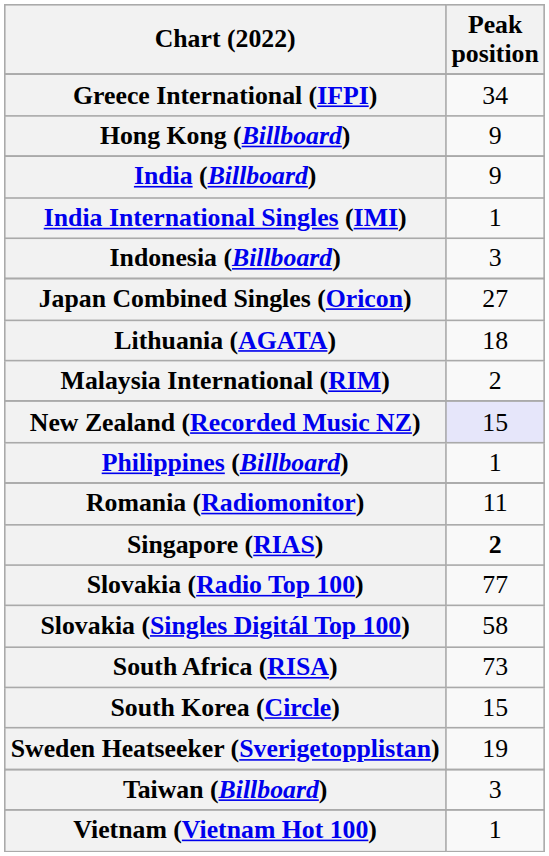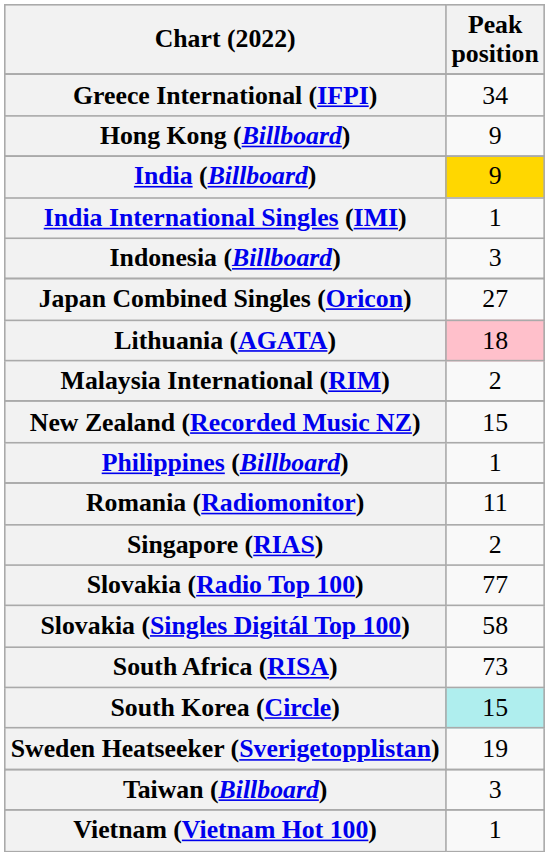 <table class="wikitable sortable plainrowheaders" style="text-align:center">
 <tr>
 <th scope="col">Chart (2022)</th>
 <th scope="col">Peak<br>position</th>
 </tr>
 <tr>
 </tr>
 <tr>
 </tr>
 <tr>
 </tr>
 <tr>
 </tr>
 <tr>
 </tr>
 <tr>
 </tr>
 <tr>
 </tr>
 <tr>
 </tr>
 <tr>
 </tr>
 <tr>
 </tr>
 <tr>
 </tr>
 <tr>
 </tr>
 <tr>
 <th scope="row">Greece International (<a href='#'>IFPI</a>)</th>
 <td>34</td>
 </tr>
 <tr>
 <th scope="row">Hong Kong (<em><a href='#'>Billboard</a></em>)</th>
 <td>9</td>
 </tr>
 <tr>
 </tr>
 <tr>
 <th scope="row"><a href='#'>India</a> (<em><a href='#'>Billboard</a></em>)</th>
-<td>9</td>
+<td style="background: gold;">9</td>
 </tr>
 <tr>
 <th scope="row"><a href='#'>India International Singles</a> (<a href='#'>IMI</a>)</th>
 <td>1</td>
 </tr>
 <tr>
 <th scope="row">Indonesia (<em><a href='#'>Billboard</a></em>)</th>
 <td>3</td>
 </tr>
 <tr>
 </tr>
 <tr>
 </tr>
 <tr>
 <th scope="row">Japan Combined Singles (<a href='#'>Oricon</a>)</th>
 <td>27</td>
 </tr>
 <tr>
 <th scope="row">Lithuania (<a href='#'>AGATA</a>)</th>
-<td>18</td>
+<td style="background: pink;">18</td>
 </tr>
 <tr>
 <th scope="row">Malaysia International (<a href='#'>RIM</a>)</th>
 <td>2</td>
 </tr>
 <tr>
 </tr>
 <tr>
 <th scope="row">New Zealand (<a href='#'>Recorded Music NZ</a>)</th>
-<td style="background: lavender;">15</td>
+<td>15</td>
 </tr>
 <tr>
 <th scope="row"><a href='#'>Philippines</a> (<em><a href='#'>Billboard</a></em>)</th>
 <td>1</td>
 </tr>
 <tr>
 </tr>
 <tr>
 <th scope="row">Romania (<a href='#'>Radiomonitor</a>)</th>
 <td>11</td>
 </tr>
 <tr>
 <th scope="row">Singapore (<a href='#'>RIAS</a>)</th>
-<td><strong>2</strong></td>
+<td>2</td>
 </tr>
 <tr>
 <th scope="row">Slovakia (<a href='#'>Radio Top 100</a>)</th>
 <td>77</td>
 </tr>
 <tr>
 <th scope="row">Slovakia (<a href='#'>Singles Digitál Top 100</a>)</th>
 <td>58</td>
 </tr>
 <tr>
 <th scope="row">South Africa (<a href='#'>RISA</a>)</th>
 <td>73</td>
 </tr>
 <tr>
 <th scope="row">South Korea (<a href='#'>Circle</a>)</th>
-<td>15</td>
+<td style="background: paleturquoise;">15</td>
 </tr>
 <tr>
 <th scope="row">Sweden Heatseeker (<a href='#'>Sverigetopplistan</a>)</th>
 <td>19</td>
 </tr>
 <tr>
 </tr>
 <tr>
 <th scope="row">Taiwan (<em><a href='#'>Billboard</a></em>)</th>
 <td>3</td>
 </tr>
 <tr>
 </tr>
 <tr>
 </tr>
 <tr>
 </tr>
 <tr>
 </tr>
 <tr>
 </tr>
 <tr>
 <th scope="row">Vietnam (<a href='#'>Vietnam Hot 100</a>)</th>
 <td>1</td>
 </tr>
 </table>
